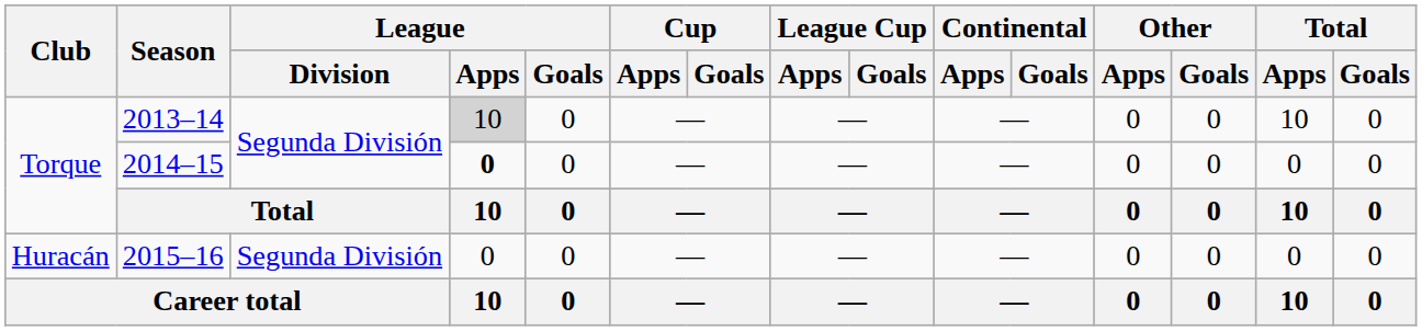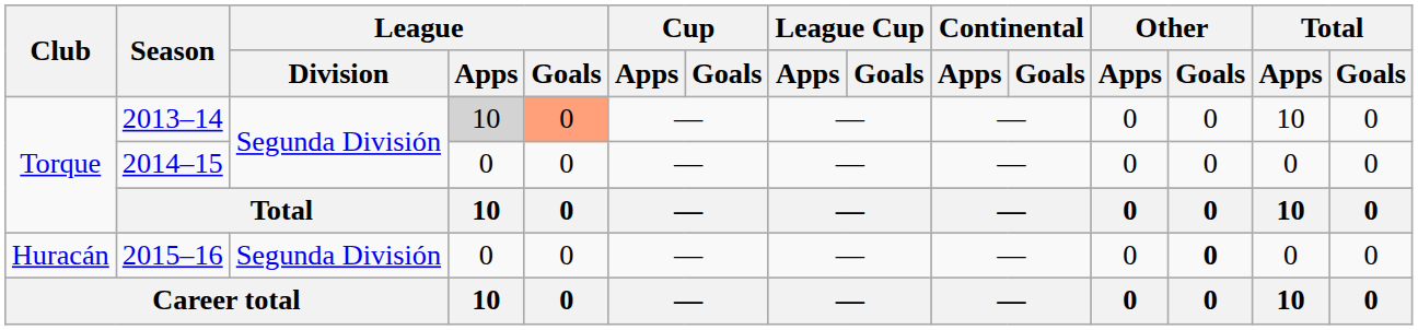 <table class="wikitable" style="text-align:center">
 <tr>
 <th rowspan="2">Club</th>
 <th rowspan="2">Season</th>
 <th colspan="3">League</th>
 <th colspan="2">Cup</th>
 <th colspan="2">League Cup</th>
 <th colspan="2">Continental</th>
 <th colspan="2">Other</th>
 <th colspan="2">Total</th>
 </tr>
 <tr>
 <th>Division</th>
 <th>Apps</th>
 <th>Goals</th>
 <th>Apps</th>
 <th>Goals</th>
 <th>Apps</th>
 <th>Goals</th>
 <th>Apps</th>
 <th>Goals</th>
 <th>Apps</th>
 <th>Goals</th>
 <th>Apps</th>
 <th>Goals</th>
 </tr>
 <tr>
 <td rowspan="3"><a href='#'>Torque</a></td>
 <td><a href='#'>2013–14</a></td>
 <td rowspan="2"><a href='#'>Segunda División</a></td>
 <td style="background: lightgrey;">10</td>
-<td>0</td>
+<td style="background: lightsalmon;">0</td>
 <td colspan="2">—</td>
 <td colspan="2">—</td>
 <td colspan="2">—</td>
 <td>0</td>
 <td>0</td>
 <td>10</td>
 <td>0</td>
 </tr>
 <tr>
 <td><a href='#'>2014–15</a></td>
-<td><strong>0</strong></td>
+<td>0</td>
 <td>0</td>
 <td colspan="2">—</td>
 <td colspan="2">—</td>
 <td colspan="2">—</td>
 <td>0</td>
 <td>0</td>
 <td>0</td>
 <td>0</td>
 </tr>
 <tr>
 <th colspan="2">Total</th>
 <th>10</th>
 <th>0</th>
 <th colspan="2">—</th>
 <th colspan="2">—</th>
 <th colspan="2">—</th>
 <th>0</th>
 <th>0</th>
 <th>10</th>
 <th>0</th>
 </tr>
 <tr>
 <td rowspan="1"><a href='#'>Huracán</a></td>
 <td><a href='#'>2015–16</a></td>
 <td rowspan="1"><a href='#'>Segunda División</a></td>
 <td>0</td>
 <td>0</td>
 <td colspan="2">—</td>
 <td colspan="2">—</td>
 <td colspan="2">—</td>
 <td>0</td>
-<td>0</td>
+<td><strong>0</strong></td>
 <td>0</td>
 <td>0</td>
 </tr>
 <tr>
 <th colspan="3">Career total</th>
 <th>10</th>
 <th>0</th>
 <th colspan="2">—</th>
 <th colspan="2">—</th>
 <th colspan="2">—</th>
 <th>0</th>
 <th>0</th>
 <th>10</th>
 <th>0</th>
 </tr>
 </table>
